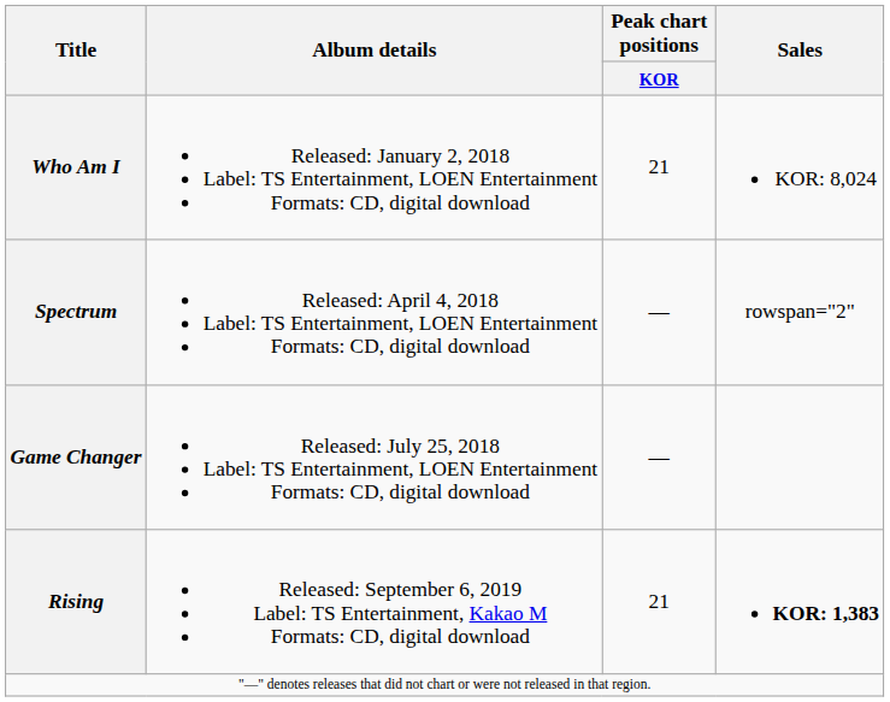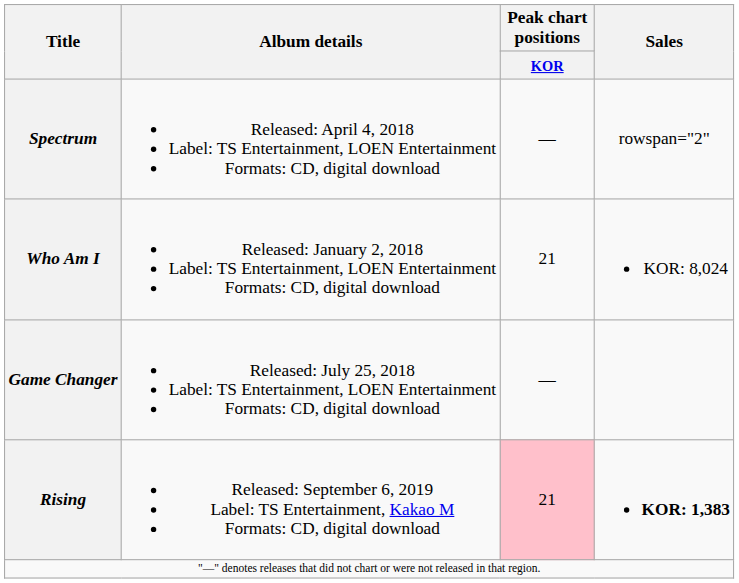 <table class="wikitable plainrowheaders" style="text-align:center;">
 <tr>
 <th scope="col" rowspan="2">Title</th>
 <th scope="col" rowspan="2">Album details</th>
 <th scope="col" colspan="1" style="width:5em;">Peak chart positions</th>
 <th scope="col" rowspan="2">Sales</th>
 </tr>
 <tr>
 <th><small><a href='#'>KOR</a></small><br></th>
 </tr>
 <tr>
+<th scope="row"><em>Spectrum</em></th>
+<td><br><ul><li>Released: April 4, 2018</li><li>Label: TS Entertainment, LOEN Entertainment</li><li>Formats: CD, digital download</li></ul></td>
+<td>—</td>
+<td>rowspan="2" </td>
+</tr>
+<tr>
 <th scope="row"><em>Who Am I</em></th>
 <td><br><ul><li>Released: January 2, 2018</li><li>Label: TS Entertainment, LOEN Entertainment</li><li>Formats: CD, digital download</li></ul></td>
 <td>21</td>
 <td><br><ul><li>KOR: 8,024</li></ul></td>
-</tr>
-<tr>
-<th scope="row"><em>Spectrum</em></th>
-<td><br><ul><li>Released: April 4, 2018</li><li>Label: TS Entertainment, LOEN Entertainment</li><li>Formats: CD, digital download</li></ul></td>
-<td>—</td>
-<td>rowspan="2" </td>
 </tr>
 <tr>
 <th scope="row"><em>Game Changer</em></th>
 <td><br><ul><li>Released: July 25, 2018</li><li>Label: TS Entertainment, LOEN Entertainment</li><li>Formats: CD, digital download</li></ul></td>
 <td>—</td>
 </tr>
 <tr>
 <th scope="row"><em>Rising</em></th>
 <td><br><ul><li>Released: September 6, 2019</li><li>Label: TS Entertainment, <a href='#'>Kakao M</a></li><li>Formats: CD, digital download</li></ul></td>
-<td>21</td>
+<td style="background: pink;">21</td>
 <td><strong><br><ul><li>KOR: 1,383</li></ul></strong></td>
 </tr>
 <tr>
 <td colspan="4" style="font-size:8pt;">"—" denotes releases that did not chart or were not released in that region.</td>
 </tr>
 </table>
